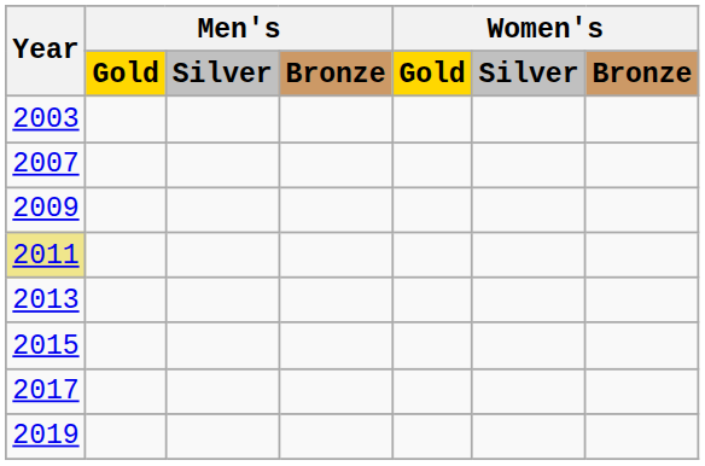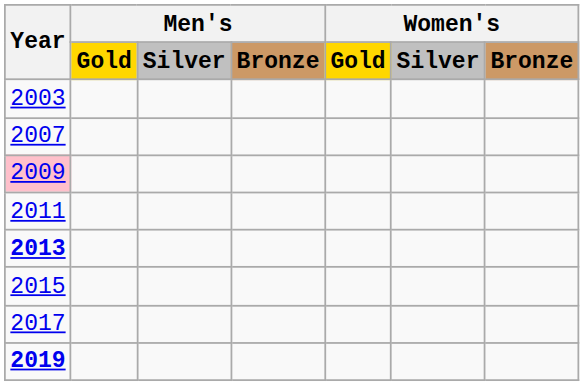 <table class="wikitable">
 <tr>
 <th rowspan=2>Year</th>
 <th colspan=3>Men's</th>
 <th colspan=3>Women's</th>
 </tr>
 <tr align=center>
 <td bgcolor=gold><strong>Gold</strong></td>
 <td bgcolor=silver><strong>Silver</strong></td>
 <td bgcolor=cc9966><strong>Bronze</strong></td>
 <td bgcolor=gold><strong>Gold</strong></td>
 <td bgcolor=silver><strong>Silver</strong></td>
 <td bgcolor=cc9966><strong>Bronze</strong></td>
 </tr>
 <tr>
 <td><a href='#'>2003</a></td>
 <td></td>
 <td></td>
 <td></td>
 <td></td>
 <td></td>
 <td></td>
 </tr>
 <tr>
 <td><a href='#'>2007</a></td>
 <td></td>
 <td></td>
 <td></td>
 <td></td>
 <td></td>
 <td></td>
 </tr>
 <tr>
-<td><a href='#'>2009</a></td>
+<td style="background: pink;"><a href='#'>2009</a></td>
 <td></td>
 <td></td>
 <td></td>
 <td></td>
 <td></td>
 <td></td>
 </tr>
 <tr>
-<td style="background: khaki;"><a href='#'>2011</a></td>
+<td><a href='#'>2011</a></td>
 <td></td>
 <td></td>
 <td></td>
 <td></td>
 <td></td>
 <td></td>
 </tr>
 <tr>
-<td><a href='#'>2013</a></td>
+<td><strong><a href='#'>2013</a></strong></td>
 <td></td>
 <td></td>
 <td></td>
 <td></td>
 <td></td>
 <td></td>
 </tr>
 <tr>
 <td><a href='#'>2015</a></td>
 <td></td>
 <td></td>
 <td></td>
 <td></td>
 <td></td>
 <td></td>
 </tr>
 <tr>
 <td><a href='#'>2017</a></td>
 <td></td>
 <td></td>
 <td></td>
 <td></td>
 <td></td>
 <td></td>
 </tr>
 <tr>
-<td><a href='#'>2019</a></td>
+<td><strong><a href='#'>2019</a></strong></td>
 <td></td>
 <td></td>
 <td></td>
 <td></td>
 <td></td>
 <td></td>
 </tr>
 </table>
